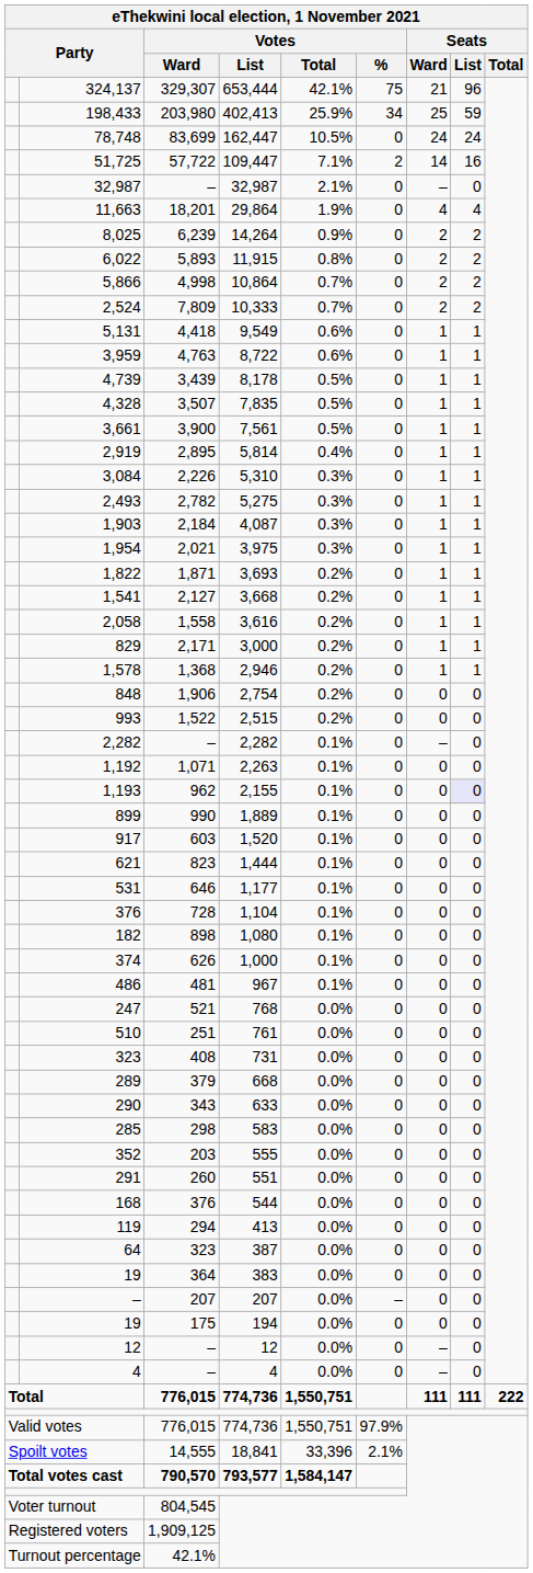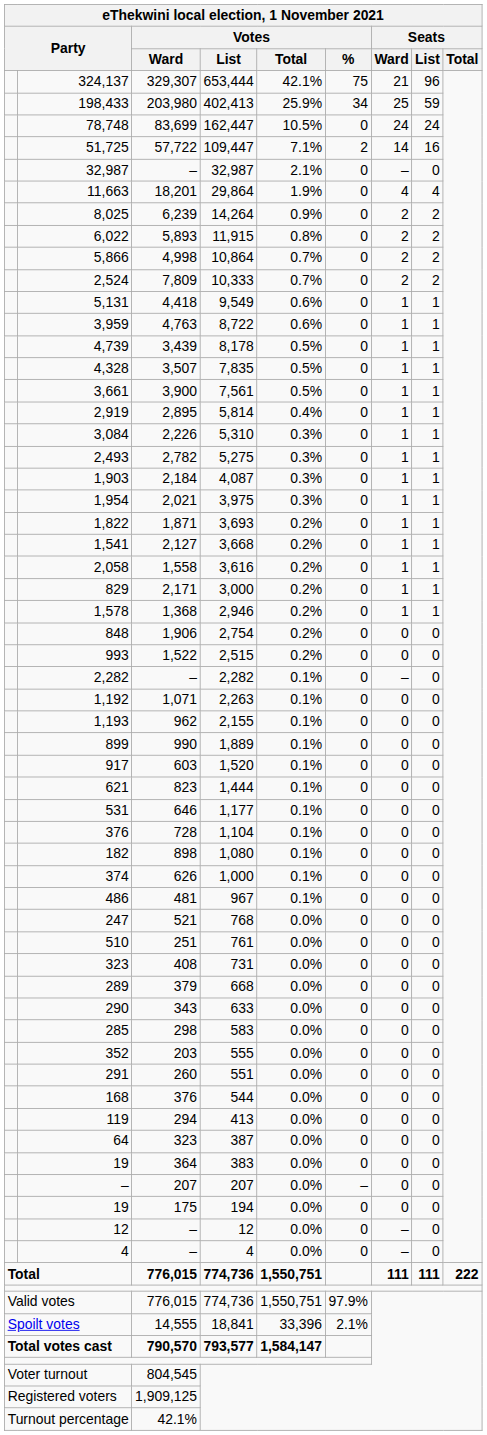 <table class=wikitable style="text-align:right">
 <tr>
 <th colspan="9" align="center">eThekwini local election, 1 November 2021</th>
 </tr>
 <tr>
 <th rowspan="2" colspan="2">Party</th>
 <th colspan="4" align="center">Votes</th>
 <th colspan="3" align="center">Seats</th>
 </tr>
 <tr>
 <th>Ward</th>
 <th>List</th>
 <th>Total</th>
 <th>%</th>
 <th>Ward</th>
 <th>List</th>
 <th>Total</th>
 </tr>
 <tr>
 <td></td>
 <td>324,137</td>
 <td>329,307</td>
 <td>653,444</td>
 <td>42.1%</td>
 <td>75</td>
 <td>21</td>
 <td>96</td>
 </tr>
 <tr>
 <td></td>
 <td>198,433</td>
 <td>203,980</td>
 <td>402,413</td>
 <td>25.9%</td>
 <td>34</td>
 <td>25</td>
 <td>59</td>
 </tr>
 <tr>
 <td></td>
 <td>78,748</td>
 <td>83,699</td>
 <td>162,447</td>
 <td>10.5%</td>
 <td>0</td>
 <td>24</td>
 <td>24</td>
 </tr>
 <tr>
 <td></td>
 <td>51,725</td>
 <td>57,722</td>
 <td>109,447</td>
 <td>7.1%</td>
 <td>2</td>
 <td>14</td>
 <td>16</td>
 </tr>
 <tr>
 <td></td>
 <td>32,987</td>
 <td>–</td>
 <td>32,987</td>
 <td>2.1%</td>
 <td>0</td>
 <td>–</td>
 <td>0</td>
 </tr>
 <tr>
 <td></td>
 <td>11,663</td>
 <td>18,201</td>
 <td>29,864</td>
 <td>1.9%</td>
 <td>0</td>
 <td>4</td>
 <td>4</td>
 </tr>
 <tr>
 <td></td>
 <td>8,025</td>
 <td>6,239</td>
 <td>14,264</td>
 <td>0.9%</td>
 <td>0</td>
 <td>2</td>
 <td>2</td>
 </tr>
 <tr>
 <td></td>
 <td>6,022</td>
 <td>5,893</td>
 <td>11,915</td>
 <td>0.8%</td>
 <td>0</td>
 <td>2</td>
 <td>2</td>
 </tr>
 <tr>
 <td></td>
 <td>5,866</td>
 <td>4,998</td>
 <td>10,864</td>
 <td>0.7%</td>
 <td>0</td>
 <td>2</td>
 <td>2</td>
 </tr>
 <tr>
 <td></td>
 <td>2,524</td>
 <td>7,809</td>
 <td>10,333</td>
 <td>0.7%</td>
 <td>0</td>
 <td>2</td>
 <td>2</td>
 </tr>
 <tr>
 <td></td>
 <td>5,131</td>
 <td>4,418</td>
 <td>9,549</td>
 <td>0.6%</td>
 <td>0</td>
 <td>1</td>
 <td>1</td>
 </tr>
 <tr>
 <td></td>
 <td>3,959</td>
 <td>4,763</td>
 <td>8,722</td>
 <td>0.6%</td>
 <td>0</td>
 <td>1</td>
 <td>1</td>
 </tr>
 <tr>
 <td></td>
 <td>4,739</td>
 <td>3,439</td>
 <td>8,178</td>
 <td>0.5%</td>
 <td>0</td>
 <td>1</td>
 <td>1</td>
 </tr>
 <tr>
 <td></td>
 <td>4,328</td>
 <td>3,507</td>
 <td>7,835</td>
 <td>0.5%</td>
 <td>0</td>
 <td>1</td>
 <td>1</td>
 </tr>
 <tr>
 <td></td>
 <td>3,661</td>
 <td>3,900</td>
 <td>7,561</td>
 <td>0.5%</td>
 <td>0</td>
 <td>1</td>
 <td>1</td>
 </tr>
 <tr>
 <td></td>
 <td>2,919</td>
 <td>2,895</td>
 <td>5,814</td>
 <td>0.4%</td>
 <td>0</td>
 <td>1</td>
 <td>1</td>
 </tr>
 <tr>
 <td></td>
 <td>3,084</td>
 <td>2,226</td>
 <td>5,310</td>
 <td>0.3%</td>
 <td>0</td>
 <td>1</td>
 <td>1</td>
 </tr>
 <tr>
 <td></td>
 <td>2,493</td>
 <td>2,782</td>
 <td>5,275</td>
 <td>0.3%</td>
 <td>0</td>
 <td>1</td>
 <td>1</td>
 </tr>
 <tr>
 <td></td>
 <td>1,903</td>
 <td>2,184</td>
 <td>4,087</td>
 <td>0.3%</td>
 <td>0</td>
 <td>1</td>
 <td>1</td>
 </tr>
 <tr>
 <td></td>
 <td>1,954</td>
 <td>2,021</td>
 <td>3,975</td>
 <td>0.3%</td>
 <td>0</td>
 <td>1</td>
 <td>1</td>
 </tr>
 <tr>
 <td></td>
 <td>1,822</td>
 <td>1,871</td>
 <td>3,693</td>
 <td>0.2%</td>
 <td>0</td>
 <td>1</td>
 <td>1</td>
 </tr>
 <tr>
 <td></td>
 <td>1,541</td>
 <td>2,127</td>
 <td>3,668</td>
 <td>0.2%</td>
 <td>0</td>
 <td>1</td>
 <td>1</td>
 </tr>
 <tr>
 <td></td>
 <td>2,058</td>
 <td>1,558</td>
 <td>3,616</td>
 <td>0.2%</td>
 <td>0</td>
 <td>1</td>
 <td>1</td>
 </tr>
 <tr>
 <td></td>
 <td>829</td>
 <td>2,171</td>
 <td>3,000</td>
 <td>0.2%</td>
 <td>0</td>
 <td>1</td>
 <td>1</td>
 </tr>
 <tr>
 <td></td>
 <td>1,578</td>
 <td>1,368</td>
 <td>2,946</td>
 <td>0.2%</td>
 <td>0</td>
 <td>1</td>
 <td>1</td>
 </tr>
 <tr>
 <td></td>
 <td>848</td>
 <td>1,906</td>
 <td>2,754</td>
 <td>0.2%</td>
 <td>0</td>
 <td>0</td>
 <td>0</td>
 </tr>
 <tr>
 <td></td>
 <td>993</td>
 <td>1,522</td>
 <td>2,515</td>
 <td>0.2%</td>
 <td>0</td>
 <td>0</td>
 <td>0</td>
 </tr>
 <tr>
 <td></td>
 <td>2,282</td>
 <td>–</td>
 <td>2,282</td>
 <td>0.1%</td>
 <td>0</td>
 <td>–</td>
 <td>0</td>
 </tr>
 <tr>
 <td></td>
 <td>1,192</td>
 <td>1,071</td>
 <td>2,263</td>
 <td>0.1%</td>
 <td>0</td>
 <td>0</td>
 <td>0</td>
 </tr>
 <tr>
 <td></td>
 <td>1,193</td>
 <td>962</td>
 <td>2,155</td>
 <td>0.1%</td>
 <td>0</td>
 <td>0</td>
-<td style="background: lavender;">0</td>
+<td>0</td>
 </tr>
 <tr>
 <td></td>
 <td>899</td>
 <td>990</td>
 <td>1,889</td>
 <td>0.1%</td>
 <td>0</td>
 <td>0</td>
 <td>0</td>
 </tr>
 <tr>
 <td></td>
 <td>917</td>
 <td>603</td>
 <td>1,520</td>
 <td>0.1%</td>
 <td>0</td>
 <td>0</td>
 <td>0</td>
 </tr>
 <tr>
 <td></td>
 <td>621</td>
 <td>823</td>
 <td>1,444</td>
 <td>0.1%</td>
 <td>0</td>
 <td>0</td>
 <td>0</td>
 </tr>
 <tr>
 <td></td>
 <td>531</td>
 <td>646</td>
 <td>1,177</td>
 <td>0.1%</td>
 <td>0</td>
 <td>0</td>
 <td>0</td>
 </tr>
 <tr>
 <td></td>
 <td>376</td>
 <td>728</td>
 <td>1,104</td>
 <td>0.1%</td>
 <td>0</td>
 <td>0</td>
 <td>0</td>
 </tr>
 <tr>
 <td></td>
 <td>182</td>
 <td>898</td>
 <td>1,080</td>
 <td>0.1%</td>
 <td>0</td>
 <td>0</td>
 <td>0</td>
 </tr>
 <tr>
 <td></td>
 <td>374</td>
 <td>626</td>
 <td>1,000</td>
 <td>0.1%</td>
 <td>0</td>
 <td>0</td>
 <td>0</td>
 </tr>
 <tr>
 <td></td>
 <td>486</td>
 <td>481</td>
 <td>967</td>
 <td>0.1%</td>
 <td>0</td>
 <td>0</td>
 <td>0</td>
 </tr>
 <tr>
 <td></td>
 <td>247</td>
 <td>521</td>
 <td>768</td>
 <td>0.0%</td>
 <td>0</td>
 <td>0</td>
 <td>0</td>
 </tr>
 <tr>
 <td></td>
 <td>510</td>
 <td>251</td>
 <td>761</td>
 <td>0.0%</td>
 <td>0</td>
 <td>0</td>
 <td>0</td>
 </tr>
 <tr>
 <td></td>
 <td>323</td>
 <td>408</td>
 <td>731</td>
 <td>0.0%</td>
 <td>0</td>
 <td>0</td>
 <td>0</td>
 </tr>
 <tr>
 <td></td>
 <td>289</td>
 <td>379</td>
 <td>668</td>
 <td>0.0%</td>
 <td>0</td>
 <td>0</td>
 <td>0</td>
 </tr>
 <tr>
 <td></td>
 <td>290</td>
 <td>343</td>
 <td>633</td>
 <td>0.0%</td>
 <td>0</td>
 <td>0</td>
 <td>0</td>
 </tr>
 <tr>
 <td></td>
 <td>285</td>
 <td>298</td>
 <td>583</td>
 <td>0.0%</td>
 <td>0</td>
 <td>0</td>
 <td>0</td>
 </tr>
 <tr>
 <td></td>
 <td>352</td>
 <td>203</td>
 <td>555</td>
 <td>0.0%</td>
 <td>0</td>
 <td>0</td>
 <td>0</td>
 </tr>
 <tr>
 <td></td>
 <td>291</td>
 <td>260</td>
 <td>551</td>
 <td>0.0%</td>
 <td>0</td>
 <td>0</td>
 <td>0</td>
 </tr>
 <tr>
 <td></td>
 <td>168</td>
 <td>376</td>
 <td>544</td>
 <td>0.0%</td>
 <td>0</td>
 <td>0</td>
 <td>0</td>
 </tr>
 <tr>
 <td></td>
 <td>119</td>
 <td>294</td>
 <td>413</td>
 <td>0.0%</td>
 <td>0</td>
 <td>0</td>
 <td>0</td>
 </tr>
 <tr>
 <td></td>
 <td>64</td>
 <td>323</td>
 <td>387</td>
 <td>0.0%</td>
 <td>0</td>
 <td>0</td>
 <td>0</td>
 </tr>
 <tr>
 <td></td>
 <td>19</td>
 <td>364</td>
 <td>383</td>
 <td>0.0%</td>
 <td>0</td>
 <td>0</td>
 <td>0</td>
 </tr>
 <tr>
 <td></td>
 <td>–</td>
 <td>207</td>
 <td>207</td>
 <td>0.0%</td>
 <td>–</td>
 <td>0</td>
 <td>0</td>
 </tr>
 <tr>
 <td></td>
 <td>19</td>
 <td>175</td>
 <td>194</td>
 <td>0.0%</td>
 <td>0</td>
 <td>0</td>
 <td>0</td>
 </tr>
 <tr>
 <td></td>
 <td>12</td>
 <td>–</td>
 <td>12</td>
 <td>0.0%</td>
 <td>0</td>
 <td>–</td>
 <td>0</td>
 </tr>
 <tr>
 <td></td>
 <td>4</td>
 <td>–</td>
 <td>4</td>
 <td>0.0%</td>
 <td>0</td>
 <td>–</td>
 <td>0</td>
 </tr>
 <tr>
 <td colspan="2" style="text-align:left"><strong>Total</strong></td>
 <td><strong>776,015</strong></td>
 <td><strong>774,736</strong></td>
 <td><strong>1,550,751</strong></td>
 <td></td>
 <td><strong>111</strong></td>
 <td><strong>111</strong></td>
 <td><strong>222</strong></td>
 </tr>
 <tr>
 <td colspan="9"></td>
 </tr>
 <tr>
 <td colspan="2" style="text-align:left">Valid votes</td>
 <td>776,015</td>
 <td>774,736</td>
 <td>1,550,751</td>
 <td>97.9%</td>
 </tr>
 <tr>
 <td colspan="2" style="text-align:left"><a href='#'>Spoilt votes</a></td>
 <td>14,555</td>
 <td>18,841</td>
 <td>33,396</td>
 <td>2.1%</td>
 </tr>
 <tr>
 <td colspan="2" style="text-align:left"><strong>Total votes cast</strong></td>
 <td><strong>790,570</strong></td>
 <td><strong>793,577</strong></td>
 <td><strong>1,584,147</strong></td>
 <td></td>
 </tr>
 <tr>
 <td colspan="6"></td>
 </tr>
 <tr>
 <td colspan="2" style="text-align:left">Voter turnout</td>
 <td>804,545</td>
 </tr>
 <tr>
 <td colspan="2" style="text-align:left">Registered voters</td>
 <td>1,909,125</td>
 </tr>
 <tr>
 <td colspan="2" style="text-align:left">Turnout percentage</td>
 <td>42.1%</td>
 </tr>
 </table>
